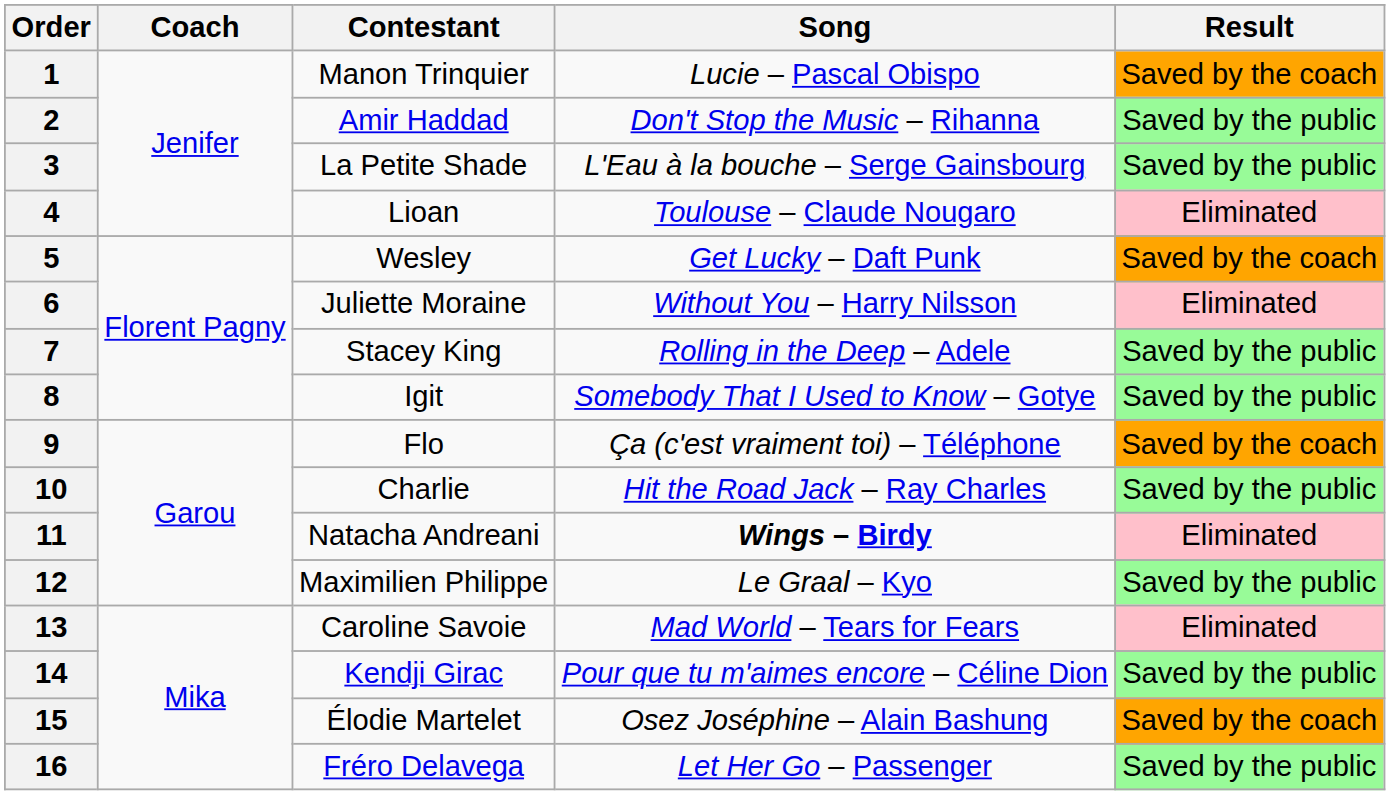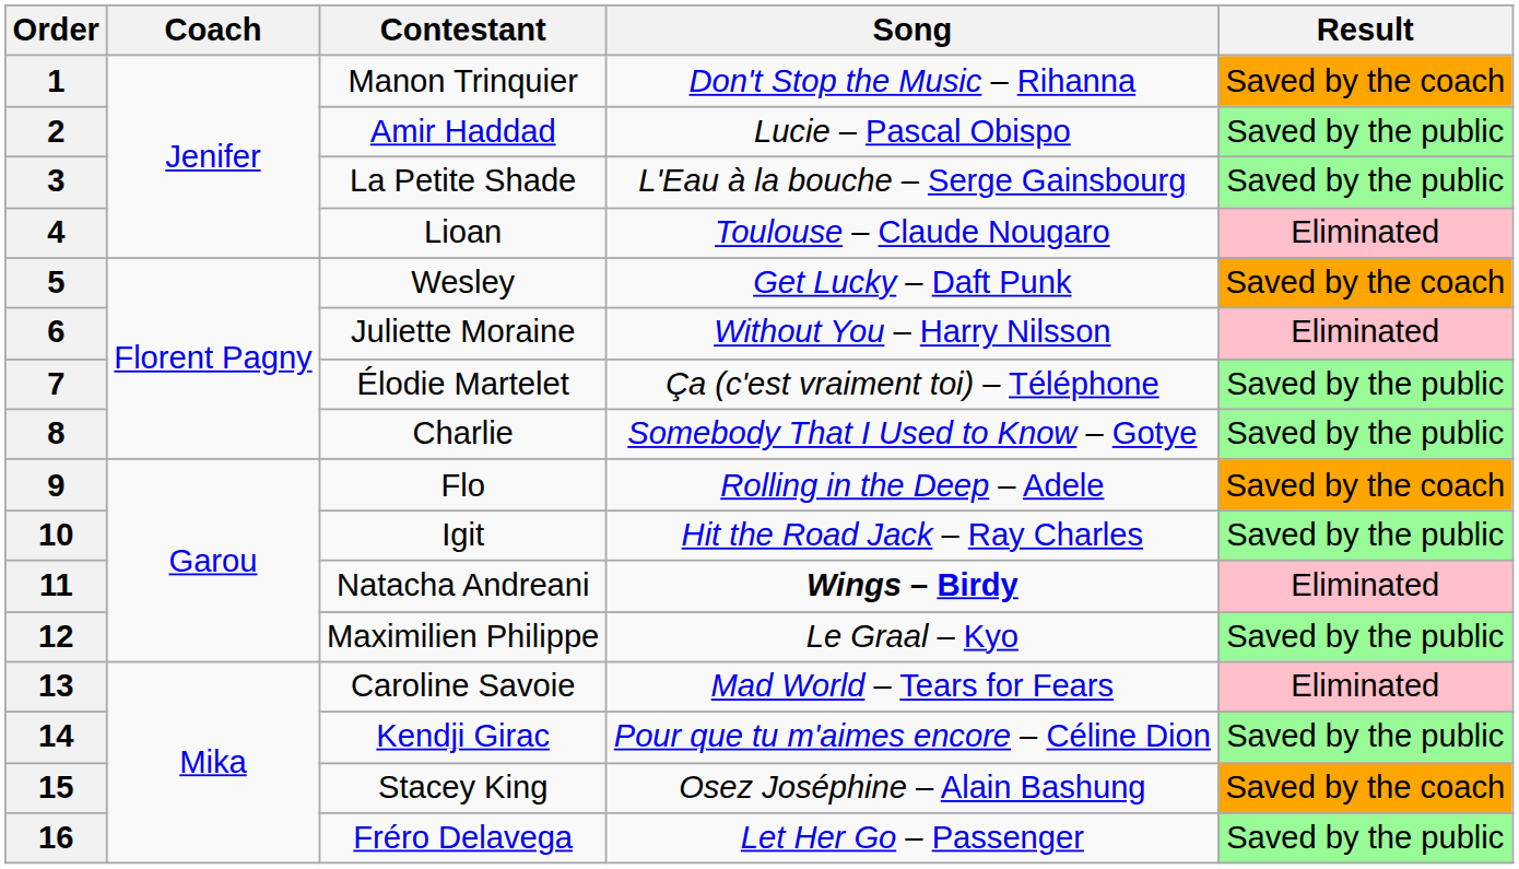 <table class="wikitable sortable" style="text-align: center; width: auto;">
 <tr>
 <th>Order</th>
 <th>Coach</th>
 <th>Contestant</th>
 <th>Song</th>
 <th>Result</th>
 </tr>
 <tr>
 <th>1</th>
 <td rowspan=4><a href='#'>Jenifer</a></td>
 <td>Manon Trinquier</td>
-<td><em>Lucie</em> – <a href='#'>Pascal Obispo</a></td>
+<td><em><a href='#'>Don't Stop the Music</a></em> – <a href='#'>Rihanna</a></td>
 <td style="background:orange">Saved by the coach</td>
 </tr>
 <tr>
 <th>2</th>
 <td><a href='#'>Amir Haddad</a></td>
-<td><em><a href='#'>Don't Stop the Music</a></em> – <a href='#'>Rihanna</a></td>
+<td><em>Lucie</em> – <a href='#'>Pascal Obispo</a></td>
 <td style="background:palegreen">Saved by the public</td>
 </tr>
 <tr>
 <th>3</th>
 <td>La Petite Shade</td>
 <td><em>L'Eau à la bouche</em> – <a href='#'>Serge Gainsbourg</a></td>
 <td style="background:palegreen">Saved by the public</td>
 </tr>
 <tr>
 <th>4</th>
 <td>Lioan</td>
 <td><em><a href='#'>Toulouse</a></em> – <a href='#'>Claude Nougaro</a></td>
 <td style="background:pink">Eliminated</td>
 </tr>
 <tr>
 <th>5</th>
 <td rowspan=4><a href='#'>Florent Pagny</a></td>
 <td>Wesley</td>
 <td><em><a href='#'>Get Lucky</a></em> – <a href='#'>Daft Punk</a></td>
 <td style="background:orange">Saved by the coach</td>
 </tr>
 <tr>
 <th>6</th>
 <td>Juliette Moraine</td>
 <td><em><a href='#'>Without You</a></em> – <a href='#'>Harry Nilsson</a></td>
 <td style="background:pink">Eliminated</td>
 </tr>
 <tr>
 <th>7</th>
-<td>Stacey King</td>
-<td><em><a href='#'>Rolling in the Deep</a></em> – <a href='#'>Adele</a></td>
+<td>Élodie Martelet</td>
+<td><em>Ça (c'est vraiment toi)</em> – <a href='#'>Téléphone</a></td>
 <td style="background:palegreen">Saved by the public</td>
 </tr>
 <tr>
 <th>8</th>
-<td>Igit</td>
+<td>Charlie</td>
 <td><em><a href='#'>Somebody That I Used to Know</a></em> – <a href='#'>Gotye</a></td>
 <td style="background:palegreen">Saved by the public</td>
 </tr>
 <tr>
 <th>9</th>
 <td rowspan=4><a href='#'>Garou</a></td>
 <td>Flo</td>
-<td><em>Ça (c'est vraiment toi)</em> – <a href='#'>Téléphone</a></td>
+<td><em><a href='#'>Rolling in the Deep</a></em> – <a href='#'>Adele</a></td>
 <td style="background:orange">Saved by the coach</td>
 </tr>
 <tr>
 <th>10</th>
-<td>Charlie</td>
+<td>Igit</td>
 <td><em><a href='#'>Hit the Road Jack</a></em> – <a href='#'>Ray Charles</a></td>
 <td style="background:palegreen">Saved by the public</td>
 </tr>
 <tr>
 <th>11</th>
 <td>Natacha Andreani</td>
 <td><strong><em>Wings</em> – <a href='#'>Birdy</a></strong></td>
 <td style="background:pink">Eliminated</td>
 </tr>
 <tr>
 <th>12</th>
 <td>Maximilien Philippe</td>
 <td><em>Le Graal</em> – <a href='#'>Kyo</a></td>
 <td style="background:palegreen">Saved by the public</td>
 </tr>
 <tr>
 <th>13</th>
 <td rowspan=4><a href='#'>Mika</a></td>
 <td>Caroline Savoie</td>
 <td><em><a href='#'>Mad World</a></em> – <a href='#'>Tears for Fears</a></td>
 <td style="background:pink">Eliminated</td>
 </tr>
 <tr>
 <th>14</th>
 <td><a href='#'>Kendji Girac</a></td>
 <td><em><a href='#'>Pour que tu m'aimes encore</a></em> – <a href='#'>Céline Dion</a></td>
 <td style="background:palegreen">Saved by the public</td>
 </tr>
 <tr>
 <th>15</th>
-<td>Élodie Martelet</td>
+<td>Stacey King</td>
 <td><em>Osez Joséphine</em> – <a href='#'>Alain Bashung</a></td>
 <td style="background:orange">Saved by the coach</td>
 </tr>
 <tr>
 <th>16</th>
 <td><a href='#'>Fréro Delavega</a></td>
 <td><em><a href='#'>Let Her Go</a></em> – <a href='#'>Passenger</a></td>
 <td style="background:palegreen">Saved by the public</td>
 </tr>
 </table>
